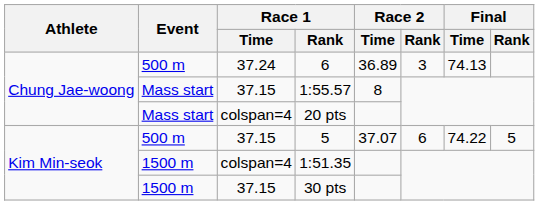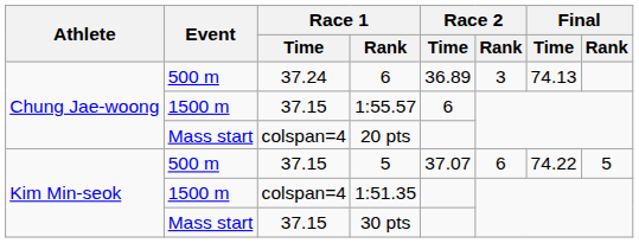 <table class="wikitable" style="font-size:90%">
 <tr>
 <th rowspan=2>Athlete</th>
 <th rowspan=2>Event</th>
 <th colspan=2>Race 1</th>
 <th colspan=2>Race 2</th>
 <th colspan=2>Final</th>
 </tr>
 <tr style="font-size:95%">
 <th>Time</th>
 <th>Rank</th>
 <th>Time</th>
 <th>Rank</th>
 <th>Time</th>
 <th>Rank</th>
 </tr>
 <tr align=center>
 <td align=left rowspan=3><a href='#'>Chung Jae-woong</a></td>
 <td align=left><a href='#'>500 m</a></td>
 <td>37.24</td>
 <td>6</td>
 <td>36.89</td>
 <td>3</td>
 <td>74.13</td>
 <td></td>
 </tr>
 <tr align=center>
-<td align=left><a href='#'>Mass start</a></td>
+<td align=left><a href='#'>1500 m</a></td>
 <td>37.15</td>
 <td>1:55.57</td>
-<td>8</td>
+<td>6</td>
 </tr>
 <tr align=center>
 <td align=left><a href='#'>Mass start</a></td>
 <td>colspan=4 </td>
 <td>20 pts</td>
 <td></td>
 </tr>
 <tr align=center>
 <td align=left rowspan=3><a href='#'>Kim Min-seok</a></td>
 <td align=left><a href='#'>500 m</a></td>
 <td>37.15</td>
 <td>5</td>
 <td>37.07</td>
 <td>6</td>
 <td>74.22</td>
 <td>5</td>
 </tr>
 <tr align=center>
 <td align=left><a href='#'>1500 m</a></td>
 <td>colspan=4 </td>
 <td>1:51.35</td>
 <td></td>
 </tr>
 <tr align=center>
-<td align=left><a href='#'>1500 m</a></td>
+<td align=left><a href='#'>Mass start</a></td>
 <td>37.15</td>
 <td>30 pts</td>
 <td></td>
 </tr>
 </table>
